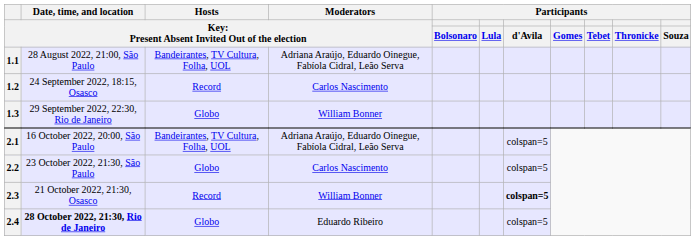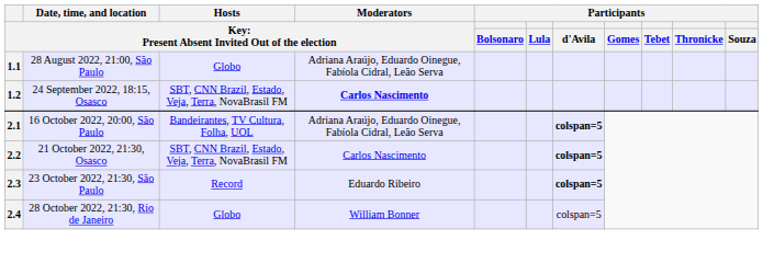 <table class=wikitable style=text-align:center>
 <tr>
 <th></th>
 <th>Date, time, and location</th>
 <th>Hosts</th>
 <th>Moderators</th>
 <th colspan=7 scope=col>Participants</th>
 </tr>
 <tr>
 <th colspan=4 rowspan=2>Key:<br> Present  Absent  Invited  Out of the election</th>
 <th scope=col style=background:><a href='#'></a></th>
 <th scope=col style=background:><a href='#'></a></th>
 <th scope=col style=background:><a href='#'></a></th>
 <th scope=col style=background:><a href='#'></a></th>
 <th scope=col style=background:><a href='#'></a></th>
 <th scope=col style=background:><a href='#'></a></th>
 <th scope=col style=background:><a href='#'></a></th>
 </tr>
 <tr>
 <th><a href='#'>Bolsonaro</a></th>
 <th><a href='#'>Lula</a></th>
 <th>d'Avila</th>
 <th><a href='#'>Gomes</a></th>
 <th><a href='#'>Tebet</a></th>
 <th><a href='#'>Thronicke</a></th>
 <th>Souza</th>
 </tr>
 <tr style=background:#e7e7ff>
 <th scope=row style=text-align:center>1.1</th>
 <td style=max-width:12em>28 August 2022, 21:00, <span><a href='#'>São Paulo</a></span></td>
-<td style=max-width:12em><a href='#'>Bandeirantes</a>, <a href='#'>TV Cultura</a>, <a href='#'>Folha</a>, <a href='#'>UOL</a></td>
+<td><a href='#'>Globo</a></td>
 <td style=max-width:16em>Adriana Araújo, Eduardo Oinegue, Fabíola Cidral, Leão Serva</td>
 <td></td>
 <td></td>
 <td></td>
 <td></td>
 <td></td>
 <td></td>
 <td></td>
 </tr>
 <tr style=background:#e7e7ff>
 <th scope=row style=text-align:center>1.2</th>
 <td style=max-width:12em>24 September 2022, 18:15, <span><a href='#'>Osasco</a></span></td>
-<td><a href='#'>Record</a></td>
-<td><a href='#'>Carlos Nascimento</a></td>
-<td></td>
-<td></td>
-<td></td>
-<td></td>
-<td></td>
-<td></td>
-<td></td>
-</tr>
-<tr style=background:#e7e7ff>
-<th scope=row style=text-align:center>1.3</th>
-<td style=max-width:12em>29 September 2022, 22:30, <span><a href='#'>Rio de Janeiro</a></span></td>
-<td><a href='#'>Globo</a></td>
-<td><a href='#'>William Bonner</a></td>
+<td style=max-width:12em><a href='#'>SBT</a>, <a href='#'>CNN Brazil</a>, <a href='#'>Estado</a>, <a href='#'>Veja</a>, <a href='#'>Terra</a>, NovaBrasil FM</td>
+<td><strong><a href='#'>Carlos Nascimento</a></strong></td>
 <td></td>
 <td></td>
 <td></td>
 <td></td>
 <td></td>
 <td></td>
 <td></td>
 </tr>
 <tr style="background:#e7e7ff; border-top: 2px solid #333333">
 <th scope=row style=text-align:center>2.1</th>
 <td style=max-width:12em>16 October 2022, 20:00, <span><a href='#'>São Paulo</a></span></td>
 <td style=max-width:12em><a href='#'>Bandeirantes</a>, <a href='#'>TV Cultura</a>, <a href='#'>Folha</a>, <a href='#'>UOL</a></td>
 <td style=max-width:16em>Adriana Araújo, Eduardo Oinegue, Fabíola Cidral, Leão Serva</td>
 <td></td>
 <td></td>
-<td>colspan=5 </td>
+<td><strong>colspan=5 </strong></td>
 </tr>
 <tr style=background:#e7e7ff>
 <th scope=row style=text-align:center>2.2</th>
-<td style=max-width:12em>23 October 2022, 21:30, <span><a href='#'>São Paulo</a></span></td>
-<td><a href='#'>Globo</a></td>
+<td style=max-width:12em>21 October 2022, 21:30, <span><a href='#'>Osasco</a></span></td>
+<td style=max-width:12em><a href='#'>SBT</a>, <a href='#'>CNN Brazil</a>, <a href='#'>Estado</a>, <a href='#'>Veja</a>, <a href='#'>Terra</a>, NovaBrasil FM</td>
 <td><a href='#'>Carlos Nascimento</a></td>
 <td></td>
 <td></td>
-<td>colspan=5 </td>
+<td><strong>colspan=5 </strong></td>
 </tr>
 <tr style=background:#e7e7ff>
 <th scope=row style=text-align:center>2.3</th>
-<td style=max-width:12em>21 October 2022, 21:30, <span><a href='#'>Osasco</a></span></td>
+<td style=max-width:12em>23 October 2022, 21:30, <span><a href='#'>São Paulo</a></span></td>
 <td><a href='#'>Record</a></td>
-<td><a href='#'>William Bonner</a></td>
+<td>Eduardo Ribeiro</td>
 <td></td>
 <td></td>
 <td><strong>colspan=5 </strong></td>
 </tr>
 <tr style=background:#e7e7ff>
 <th scope=row style=text-align:center>2.4</th>
-<td style=max-width:12em><strong>28 October 2022, 21:30, <span><a href='#'>Rio de Janeiro</a></span></strong></td>
+<td style=max-width:12em>28 October 2022, 21:30, <span><a href='#'>Rio de Janeiro</a></span></td>
 <td><a href='#'>Globo</a></td>
-<td>Eduardo Ribeiro</td>
+<td><a href='#'>William Bonner</a></td>
 <td></td>
 <td></td>
 <td>colspan=5 </td>
 </tr>
 </table>
